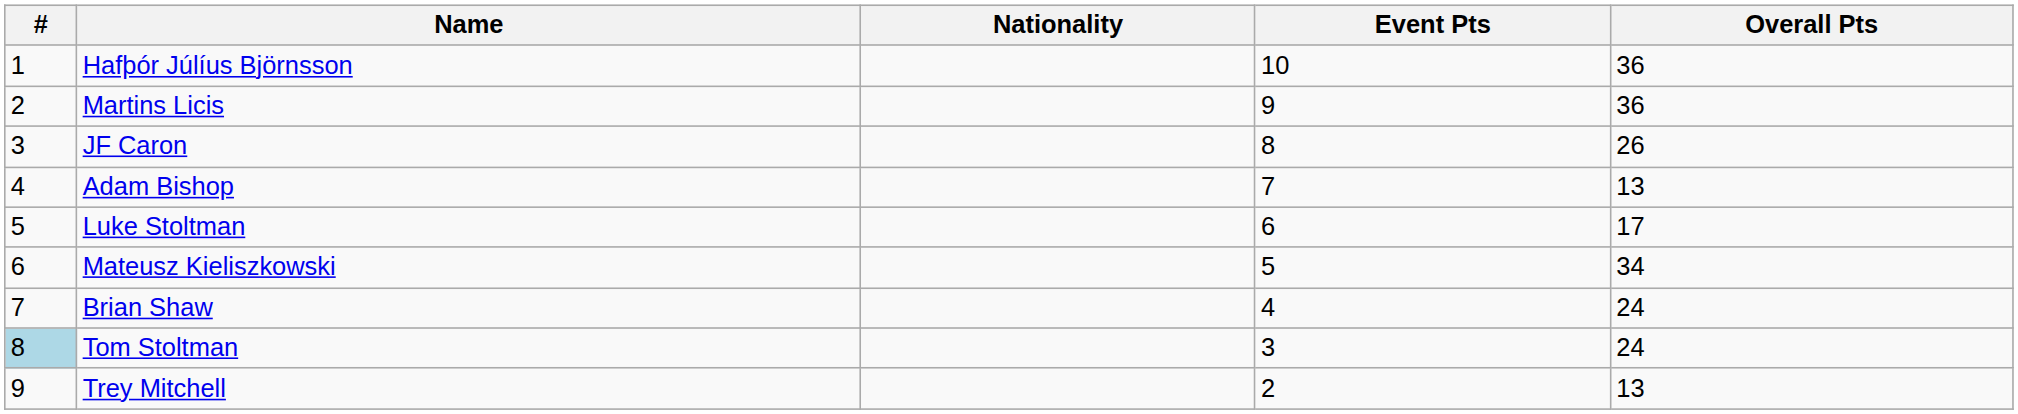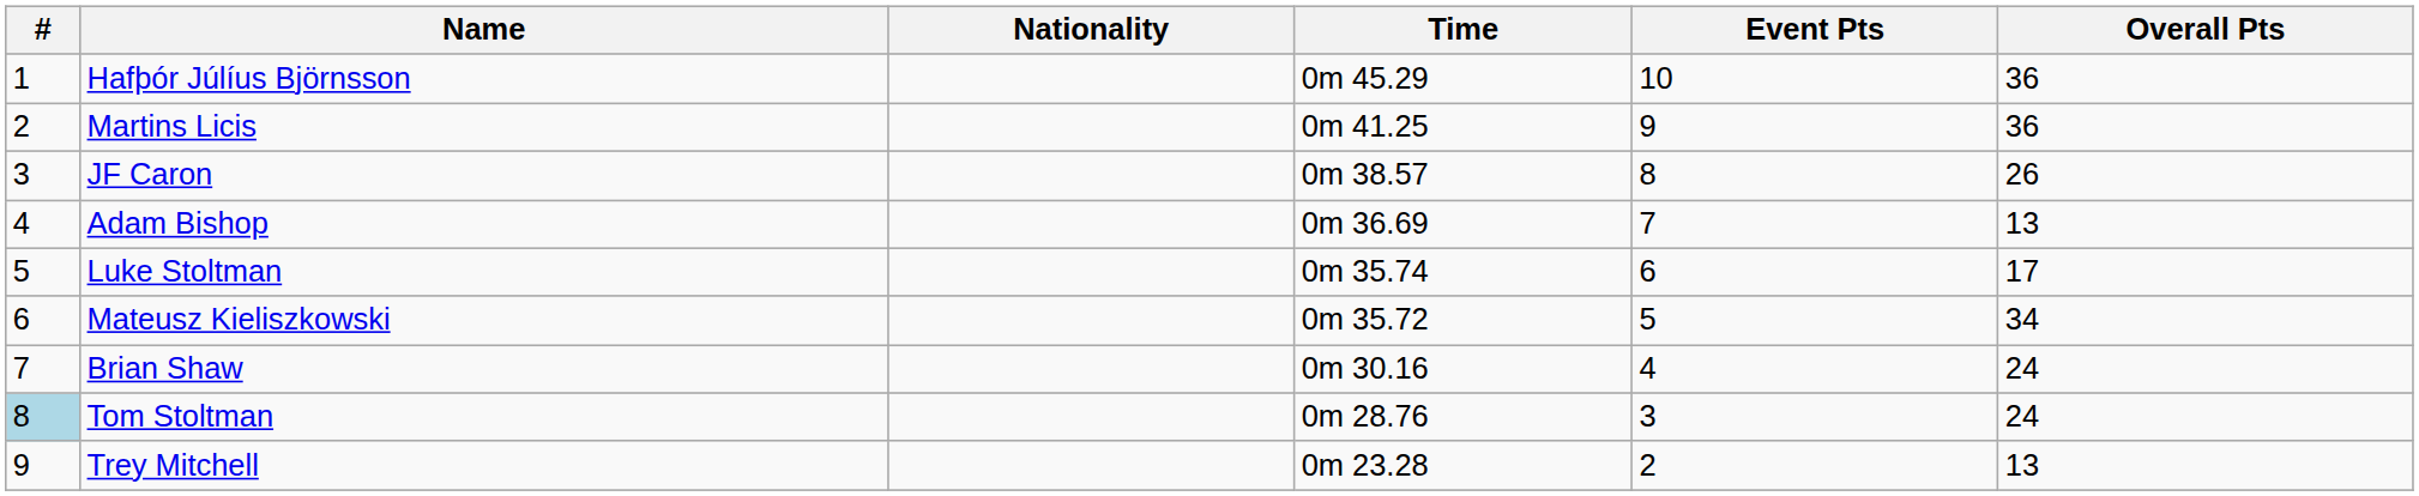 <table class="wikitable sortable" style="display: inline-table;width: 100%;">
 <tr>
 <th>#</th>
 <th>Name</th>
 <th>Nationality</th>
+<th>Time</th>
 <th>Event Pts</th>
 <th>Overall Pts</th>
 </tr>
 <tr>
 <td>1</td>
 <td><a href='#'>Hafþór Júlíus Björnsson</a></td>
 <td></td>
+<td>0m 45.29</td>
 <td>10</td>
 <td>36</td>
 </tr>
 <tr>
 <td>2</td>
 <td><a href='#'>Martins Licis</a></td>
 <td></td>
+<td>0m 41.25</td>
 <td>9</td>
 <td>36</td>
 </tr>
 <tr>
 <td>3</td>
 <td><a href='#'>JF Caron</a></td>
 <td></td>
+<td>0m 38.57</td>
 <td>8</td>
 <td>26</td>
 </tr>
 <tr>
 <td>4</td>
 <td><a href='#'>Adam Bishop</a></td>
 <td></td>
+<td>0m 36.69</td>
 <td>7</td>
 <td>13</td>
 </tr>
 <tr>
 <td>5</td>
 <td><a href='#'>Luke Stoltman</a></td>
 <td></td>
+<td>0m 35.74</td>
 <td>6</td>
 <td>17</td>
 </tr>
 <tr>
 <td>6</td>
 <td><a href='#'>Mateusz Kieliszkowski</a></td>
 <td></td>
+<td>0m 35.72</td>
 <td>5</td>
 <td>34</td>
 </tr>
 <tr>
 <td>7</td>
 <td><a href='#'>Brian Shaw</a></td>
 <td></td>
+<td>0m 30.16</td>
 <td>4</td>
 <td>24</td>
 </tr>
 <tr>
 <td style="background: lightblue;">8</td>
 <td><a href='#'>Tom Stoltman</a></td>
 <td></td>
+<td>0m 28.76</td>
 <td>3</td>
 <td>24</td>
 </tr>
 <tr>
 <td>9</td>
 <td><a href='#'>Trey Mitchell</a></td>
 <td></td>
+<td>0m 23.28</td>
 <td>2</td>
 <td>13</td>
 </tr>
 </table>
